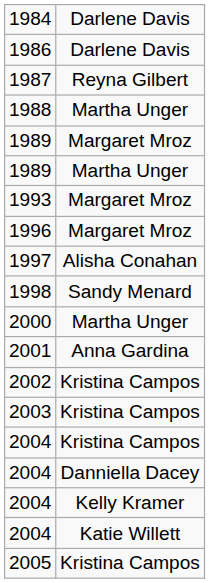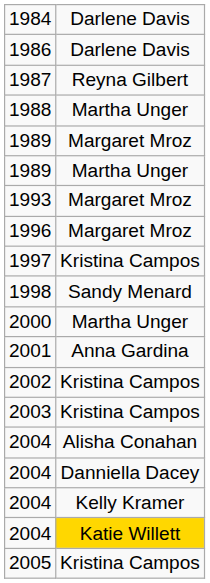 <table class="wikitable">
 <tr>
 <td>1984</td>
 <td style="text-align: center;">Darlene Davis</td>
 </tr>
 <tr>
 <td>1986</td>
 <td style="text-align: center;">Darlene Davis</td>
 </tr>
 <tr>
 <td>1987</td>
 <td style="text-align: center;">Reyna Gilbert</td>
 </tr>
 <tr>
 <td>1988</td>
 <td style="text-align: center;">Martha Unger</td>
 </tr>
 <tr>
 <td>1989</td>
 <td style="text-align: center;">Margaret Mroz</td>
 </tr>
 <tr>
 <td>1989</td>
 <td style="text-align: center;">Martha Unger</td>
 </tr>
 <tr>
 <td>1993</td>
 <td style="text-align: center;">Margaret Mroz</td>
 </tr>
 <tr>
 <td>1996</td>
 <td style="text-align: center;">Margaret Mroz</td>
 </tr>
 <tr>
 <td>1997</td>
-<td style="text-align: center;">Alisha Conahan</td>
+<td style="text-align: center;">Kristina Campos</td>
 </tr>
 <tr>
 <td>1998</td>
 <td style="text-align: center;">Sandy Menard</td>
 </tr>
 <tr>
 <td>2000</td>
 <td style="text-align: center;">Martha Unger</td>
 </tr>
 <tr>
 <td>2001</td>
 <td style="text-align: center;">Anna Gardina</td>
 </tr>
 <tr>
 <td>2002</td>
 <td style="text-align: center;">Kristina Campos</td>
 </tr>
 <tr>
 <td>2003</td>
 <td style="text-align: center;">Kristina Campos</td>
 </tr>
 <tr>
 <td>2004</td>
-<td style="text-align: center;">Kristina Campos</td>
+<td style="text-align: center;">Alisha Conahan</td>
 </tr>
 <tr>
 <td>2004</td>
 <td style="text-align: center;">Danniella Dacey</td>
 </tr>
 <tr>
 <td>2004</td>
 <td style="text-align: center;">Kelly Kramer</td>
 </tr>
 <tr>
 <td>2004</td>
-<td style="text-align: center;">Katie Willett</td>
+<td style="background: gold; text-align: center;">Katie Willett</td>
 </tr>
 <tr>
 <td>2005</td>
 <td style="text-align: center;">Kristina Campos</td>
 </tr>
 </table>
